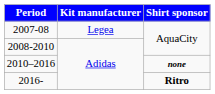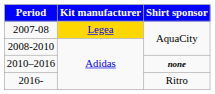 <table class="wikitable" style="text-align: center">
 <tr>
 <th style="color:white; background:blue;">Period</th>
 <th style="color:white; background:blue;">Kit manufacturer</th>
 <th style="color:white; background:blue;">Shirt sponsor</th>
 </tr>
 <tr>
 <td>2007-08</td>
-<td><a href='#'>Legea</a></td>
+<td style="background: gold;"><a href='#'>Legea</a></td>
 <td rowspan=2>AquaCity</td>
 </tr>
 <tr>
 <td>2008-2010</td>
 <td rowspan=4><a href='#'>Adidas</a></td>
 </tr>
 <tr>
 <td>2010–2016</td>
 <td><strong><small><em>none</em></small></strong></td>
 </tr>
 <tr>
 <td>2016-</td>
-<td><strong>Ritro</strong></td>
+<td>Ritro</td>
 </tr>
 </table>
